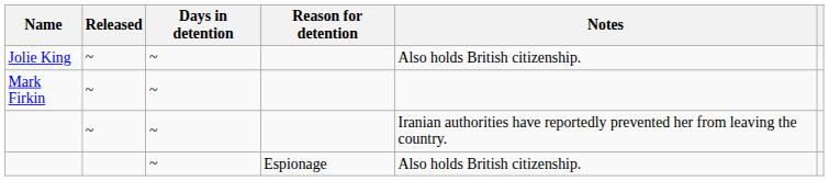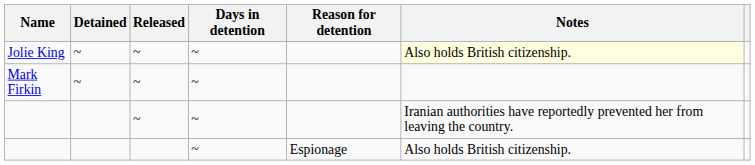 <table class="wikitable sortable">
 <tr>
 <th>Name</th>
+<th>Detained</th>
 <th>Released</th>
 <th>Days in detention</th>
 <th>Reason for detention</th>
 <th>Notes</th>
 <th class="unsortable"></th>
 </tr>
 <tr>
 <td><a href='#'>Jolie King</a></td>
 <td>~</td>
 <td>~</td>
+<td>~</td>
 <td></td>
-<td>Also holds British citizenship.</td>
+<td style="background: lightyellow;">Also holds British citizenship.</td>
 <td align="center"></td>
 </tr>
 <tr>
 <td><a href='#'>Mark Firkin</a></td>
+<td>~</td>
 <td>~</td>
 <td>~</td>
 <td></td>
 <td></td>
 <td align="center"></td>
 </tr>
 <tr>
+<td></td>
 <td></td>
 <td>~</td>
 <td>~</td>
 <td></td>
 <td>Iranian authorities have reportedly prevented her from leaving the country.</td>
 <td align="center"></td>
 </tr>
 <tr>
 <td></td>
 <td></td>
+<td></td>
 <td>~</td>
 <td>Espionage</td>
 <td>Also holds British citizenship.</td>
 <td align="center"></td>
 </tr>
 </table>
